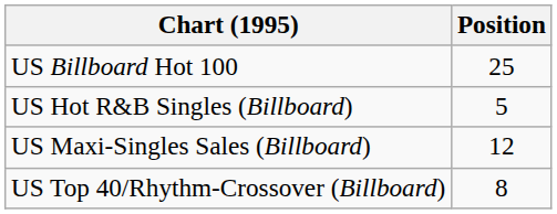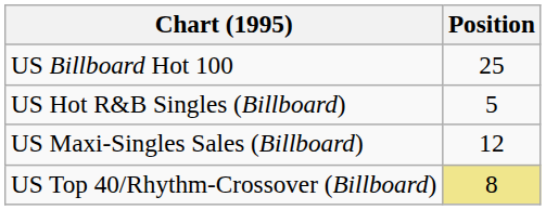 <table class="wikitable sortable">
 <tr>
 <th>Chart (1995)</th>
 <th>Position</th>
 </tr>
 <tr>
 <td>US <em>Billboard</em> Hot 100</td>
 <td align="center">25</td>
 </tr>
 <tr>
 <td>US Hot R&B Singles (<em>Billboard</em>)</td>
 <td align="center">5</td>
 </tr>
 <tr>
 <td>US Maxi-Singles Sales (<em>Billboard</em>)</td>
 <td align="center">12</td>
 </tr>
 <tr>
 <td>US Top 40/Rhythm-Crossover (<em>Billboard</em>)</td>
-<td align="center">8</td>
+<td align="center" style="background: khaki;">8</td>
 </tr>
 </table>
